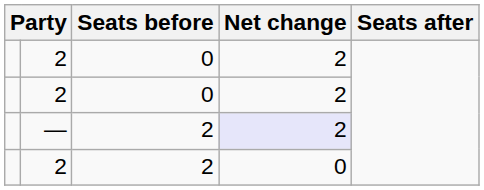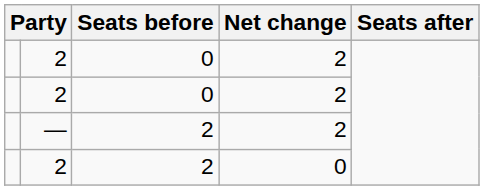 <table class=wikitable style="text-align:right">
 <tr>
 <th colspan="2">Party</th>
 <th>Seats before</th>
 <th>Net change</th>
 <th>Seats after</th>
 </tr>
 <tr>
 <td></td>
 <td>2</td>
 <td> 0</td>
 <td>2</td>
 </tr>
 <tr>
 <td></td>
 <td>2</td>
 <td> 0</td>
 <td>2</td>
 </tr>
 <tr>
 <td></td>
 <td>—</td>
 <td> 2</td>
-<td style="background: lavender;">2</td>
+<td>2</td>
 </tr>
 <tr>
 <td></td>
 <td>2</td>
 <td> 2</td>
 <td>0</td>
 </tr>
 </table>
